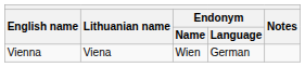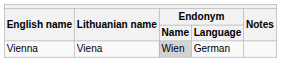 <table class="wikitable sortable">
 <tr>
 <th colspan="5"></th>
 </tr>
 <tr>
 <th rowspan="2">English name</th>
 <th rowspan="2">Lithuanian name</th>
 <th colspan="2">Endonym</th>
 <th rowspan="2">Notes</th>
 </tr>
 <tr>
 <th>Name</th>
 <th>Language</th>
 </tr>
 <tr>
 <td>Vienna</td>
 <td>Viena</td>
-<td>Wien</td>
+<td style="background: lightgrey;">Wien</td>
 <td>German</td>
 <td></td>
 </tr>
 </table>
